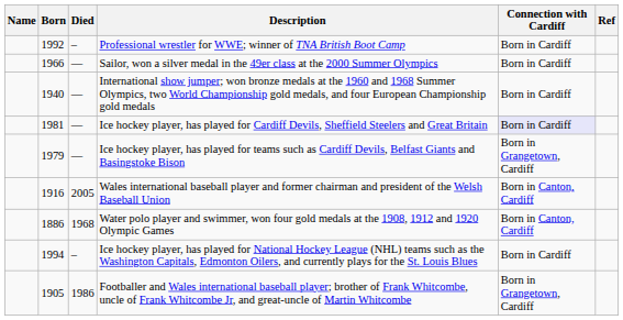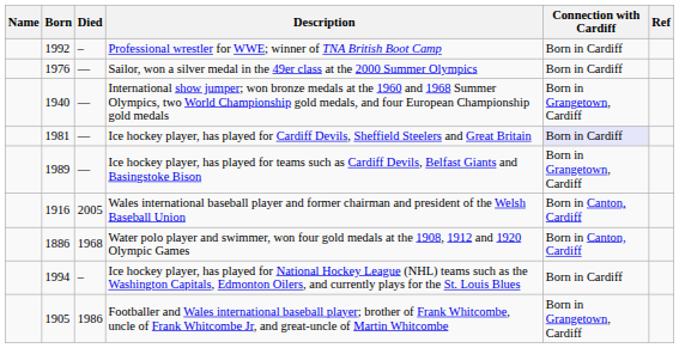 <table class="sortable wikitable" style="text-align: left; width: 68%;">
 <tr>
 <th scope="col">Name</th>
 <th scope="col">Born</th>
 <th scope="col">Died</th>
 <th scope="col">Description</th>
 <th scope="col">Connection with Cardiff</th>
 <th scope="col"><abbr>Ref</abbr></th>
 </tr>
 <tr>
 <td></td>
 <td>1992</td>
 <td>–</td>
 <td><a href='#'>Professional wrestler</a> for <a href='#'>WWE</a>; winner of <em><a href='#'>TNA British Boot Camp</a></em></td>
 <td>Born in Cardiff</td>
 <td></td>
 </tr>
 <tr>
 <td></td>
-<td>1966</td>
+<td>1976</td>
 <td>—</td>
 <td>Sailor, won a silver medal in the <a href='#'>49er class</a> at the <a href='#'>2000 Summer Olympics</a></td>
 <td>Born in Cardiff</td>
 <td></td>
 </tr>
 <tr>
 <td></td>
 <td>1940</td>
 <td>—</td>
 <td>International <a href='#'>show jumper</a>; won bronze medals at the <a href='#'>1960</a> and <a href='#'>1968</a> Summer Olympics, two <a href='#'>World Championship</a> gold medals, and four European Championship gold medals</td>
-<td>Born in Cardiff</td>
+<td>Born in <a href='#'>Grangetown</a>, Cardiff</td>
 <td></td>
 </tr>
 <tr>
 <td></td>
 <td>1981</td>
 <td>—</td>
 <td>Ice hockey player, has played for <a href='#'>Cardiff Devils</a>, <a href='#'>Sheffield Steelers</a> and <a href='#'>Great Britain</a></td>
 <td style="background: lavender;">Born in Cardiff</td>
 <td></td>
 </tr>
 <tr>
 <td></td>
-<td>1979</td>
+<td>1989</td>
 <td>—</td>
 <td>Ice hockey player, has played for teams such as <a href='#'>Cardiff Devils</a>, <a href='#'>Belfast Giants</a> and <a href='#'>Basingstoke Bison</a></td>
 <td>Born in <a href='#'>Grangetown</a>, Cardiff</td>
 <td></td>
 </tr>
 <tr>
 <td></td>
 <td>1916</td>
 <td>2005</td>
 <td>Wales international baseball player and former chairman and president of the <a href='#'>Welsh Baseball Union</a></td>
 <td>Born in <a href='#'>Canton, Cardiff</a></td>
 <td></td>
 </tr>
 <tr>
 <td></td>
 <td>1886</td>
 <td>1968</td>
 <td>Water polo player and swimmer, won four gold medals at the <a href='#'>1908</a>, <a href='#'>1912</a> and <a href='#'>1920</a> Olympic Games</td>
 <td>Born in <a href='#'>Canton, Cardiff</a></td>
 <td></td>
 </tr>
 <tr>
 <td></td>
 <td>1994</td>
 <td>–</td>
 <td>Ice hockey player, has played for <a href='#'>National Hockey League</a> (NHL) teams such as the <a href='#'>Washington Capitals</a>, <a href='#'>Edmonton Oilers</a>, and currently plays for the <a href='#'>St. Louis Blues</a></td>
 <td>Born in Cardiff</td>
 </tr>
 <tr>
 <td></td>
 <td>1905</td>
 <td>1986</td>
 <td>Footballer and <a href='#'>Wales international baseball player</a>; brother of <a href='#'>Frank Whitcombe</a>, uncle of <a href='#'>Frank Whitcombe Jr</a>, and great-uncle of <a href='#'>Martin Whitcombe</a></td>
 <td>Born in <a href='#'>Grangetown</a>, Cardiff</td>
 <td></td>
 </tr>
 </table>
